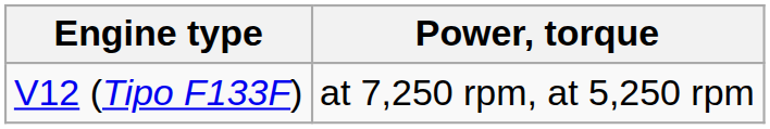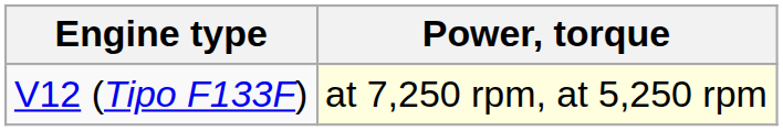 <table class=wikitable>
 <tr>
 <th>Engine type</th>
 <th>Power, torque</th>
 </tr>
 <tr>
 <td> <a href='#'>V12</a> (<em><a href='#'>Tipo F133F</a></em>)</td>
-<td> at 7,250 rpm,  at 5,250 rpm</td>
+<td style="background: lightyellow;"> at 7,250 rpm,  at 5,250 rpm</td>
 </tr>
 </table>
